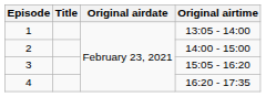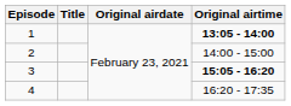 <table class="wikitable" style="text-align: center;">
 <tr>
 <th>Episode</th>
 <th>Title</th>
 <th>Original airdate</th>
 <th>Original airtime</th>
 </tr>
 <tr>
 <td>1</td>
 <td></td>
 <td rowspan="4">February 23, 2021</td>
-<td>13:05 - 14:00</td>
+<td><strong>13:05 - 14:00</strong></td>
 </tr>
 <tr>
 <td>2</td>
 <td></td>
 <td>14:00 - 15:00</td>
 </tr>
 <tr>
 <td>3</td>
 <td></td>
-<td>15:05 - 16:20</td>
+<td><strong>15:05 - 16:20</strong></td>
 </tr>
 <tr>
 <td>4</td>
 <td></td>
 <td>16:20 - 17:35</td>
 </tr>
 </table>
